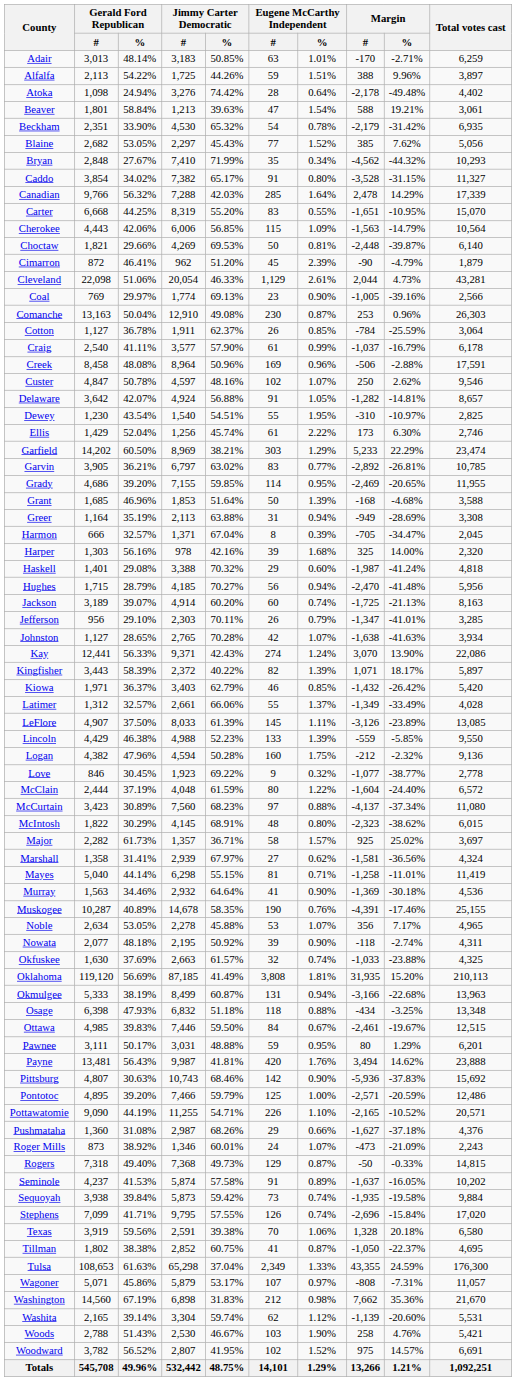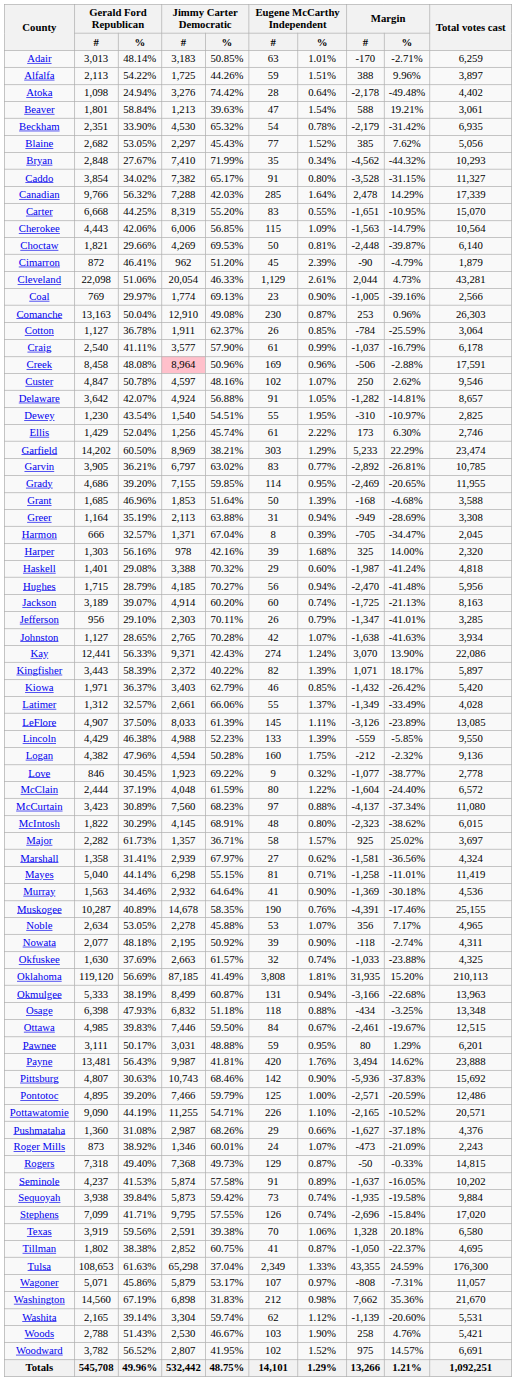 <table width="60%"  class="wikitable sortable" style="text-align:center">
 <tr>
 <th style="text-align:center;" rowspan="2">County</th>
 <th style="text-align:center;" colspan="2">Gerald Ford<br>Republican</th>
 <th style="text-align:center;" colspan="2">Jimmy Carter<br>Democratic</th>
 <th style="text-align:center;" colspan="2">Eugene McCarthy<br>Independent</th>
 <th style="text-align:center;" colspan="2">Margin</th>
 <th style="text-align:center;" rowspan="2">Total votes cast</th>
 </tr>
 <tr>
 <th data-sort-type="number">#</th>
 <th data-sort-type="number">%</th>
 <th data-sort-type="number">#</th>
 <th data-sort-type="number">%</th>
 <th data-sort-type="number">#</th>
 <th data-sort-type="number">%</th>
 <th data-sort-type="number">#</th>
 <th data-sort-type="number">%</th>
 </tr>
 <tr style="text-align:center;">
 <td><a href='#'>Adair</a></td>
 <td>3,013</td>
 <td>48.14%</td>
 <td>3,183</td>
 <td>50.85%</td>
 <td>63</td>
 <td>1.01%</td>
 <td>-170</td>
 <td>-2.71%</td>
 <td>6,259</td>
 </tr>
 <tr style="text-align:center;">
 <td><a href='#'>Alfalfa</a></td>
 <td>2,113</td>
 <td>54.22%</td>
 <td>1,725</td>
 <td>44.26%</td>
 <td>59</td>
 <td>1.51%</td>
 <td>388</td>
 <td>9.96%</td>
 <td>3,897</td>
 </tr>
 <tr style="text-align:center;">
 <td><a href='#'>Atoka</a></td>
 <td>1,098</td>
 <td>24.94%</td>
 <td>3,276</td>
 <td>74.42%</td>
 <td>28</td>
 <td>0.64%</td>
 <td>-2,178</td>
 <td>-49.48%</td>
 <td>4,402</td>
 </tr>
 <tr style="text-align:center;">
 <td><a href='#'>Beaver</a></td>
 <td>1,801</td>
 <td>58.84%</td>
 <td>1,213</td>
 <td>39.63%</td>
 <td>47</td>
 <td>1.54%</td>
 <td>588</td>
 <td>19.21%</td>
 <td>3,061</td>
 </tr>
 <tr style="text-align:center;">
 <td><a href='#'>Beckham</a></td>
 <td>2,351</td>
 <td>33.90%</td>
 <td>4,530</td>
 <td>65.32%</td>
 <td>54</td>
 <td>0.78%</td>
 <td>-2,179</td>
 <td>-31.42%</td>
 <td>6,935</td>
 </tr>
 <tr style="text-align:center;">
 <td><a href='#'>Blaine</a></td>
 <td>2,682</td>
 <td>53.05%</td>
 <td>2,297</td>
 <td>45.43%</td>
 <td>77</td>
 <td>1.52%</td>
 <td>385</td>
 <td>7.62%</td>
 <td>5,056</td>
 </tr>
 <tr style="text-align:center;">
 <td><a href='#'>Bryan</a></td>
 <td>2,848</td>
 <td>27.67%</td>
 <td>7,410</td>
 <td>71.99%</td>
 <td>35</td>
 <td>0.34%</td>
 <td>-4,562</td>
 <td>-44.32%</td>
 <td>10,293</td>
 </tr>
 <tr style="text-align:center;">
 <td><a href='#'>Caddo</a></td>
 <td>3,854</td>
 <td>34.02%</td>
 <td>7,382</td>
 <td>65.17%</td>
 <td>91</td>
 <td>0.80%</td>
 <td>-3,528</td>
 <td>-31.15%</td>
 <td>11,327</td>
 </tr>
 <tr style="text-align:center;">
 <td><a href='#'>Canadian</a></td>
 <td>9,766</td>
 <td>56.32%</td>
 <td>7,288</td>
 <td>42.03%</td>
 <td>285</td>
 <td>1.64%</td>
 <td>2,478</td>
 <td>14.29%</td>
 <td>17,339</td>
 </tr>
 <tr style="text-align:center;">
 <td><a href='#'>Carter</a></td>
 <td>6,668</td>
 <td>44.25%</td>
 <td>8,319</td>
 <td>55.20%</td>
 <td>83</td>
 <td>0.55%</td>
 <td>-1,651</td>
 <td>-10.95%</td>
 <td>15,070</td>
 </tr>
 <tr style="text-align:center;">
 <td><a href='#'>Cherokee</a></td>
 <td>4,443</td>
 <td>42.06%</td>
 <td>6,006</td>
 <td>56.85%</td>
 <td>115</td>
 <td>1.09%</td>
 <td>-1,563</td>
 <td>-14.79%</td>
 <td>10,564</td>
 </tr>
 <tr style="text-align:center;">
 <td><a href='#'>Choctaw</a></td>
 <td>1,821</td>
 <td>29.66%</td>
 <td>4,269</td>
 <td>69.53%</td>
 <td>50</td>
 <td>0.81%</td>
 <td>-2,448</td>
 <td>-39.87%</td>
 <td>6,140</td>
 </tr>
 <tr style="text-align:center;">
 <td><a href='#'>Cimarron</a></td>
 <td>872</td>
 <td>46.41%</td>
 <td>962</td>
 <td>51.20%</td>
 <td>45</td>
 <td>2.39%</td>
 <td>-90</td>
 <td>-4.79%</td>
 <td>1,879</td>
 </tr>
 <tr style="text-align:center;">
 <td><a href='#'>Cleveland</a></td>
 <td>22,098</td>
 <td>51.06%</td>
 <td>20,054</td>
 <td>46.33%</td>
 <td>1,129</td>
 <td>2.61%</td>
 <td>2,044</td>
 <td>4.73%</td>
 <td>43,281</td>
 </tr>
 <tr style="text-align:center;">
 <td><a href='#'>Coal</a></td>
 <td>769</td>
 <td>29.97%</td>
 <td>1,774</td>
 <td>69.13%</td>
 <td>23</td>
 <td>0.90%</td>
 <td>-1,005</td>
 <td>-39.16%</td>
 <td>2,566</td>
 </tr>
 <tr style="text-align:center;">
 <td><a href='#'>Comanche</a></td>
 <td>13,163</td>
 <td>50.04%</td>
 <td>12,910</td>
 <td>49.08%</td>
 <td>230</td>
 <td>0.87%</td>
 <td>253</td>
 <td>0.96%</td>
 <td>26,303</td>
 </tr>
 <tr style="text-align:center;">
 <td><a href='#'>Cotton</a></td>
 <td>1,127</td>
 <td>36.78%</td>
 <td>1,911</td>
 <td>62.37%</td>
 <td>26</td>
 <td>0.85%</td>
 <td>-784</td>
 <td>-25.59%</td>
 <td>3,064</td>
 </tr>
 <tr style="text-align:center;">
 <td><a href='#'>Craig</a></td>
 <td>2,540</td>
 <td>41.11%</td>
 <td>3,577</td>
 <td>57.90%</td>
 <td>61</td>
 <td>0.99%</td>
 <td>-1,037</td>
 <td>-16.79%</td>
 <td>6,178</td>
 </tr>
 <tr style="text-align:center;">
 <td><a href='#'>Creek</a></td>
 <td>8,458</td>
 <td>48.08%</td>
-<td>8,964</td>
+<td style="background: pink;">8,964</td>
 <td>50.96%</td>
 <td>169</td>
 <td>0.96%</td>
 <td>-506</td>
 <td>-2.88%</td>
 <td>17,591</td>
 </tr>
 <tr style="text-align:center;">
 <td><a href='#'>Custer</a></td>
 <td>4,847</td>
 <td>50.78%</td>
 <td>4,597</td>
 <td>48.16%</td>
 <td>102</td>
 <td>1.07%</td>
 <td>250</td>
 <td>2.62%</td>
 <td>9,546</td>
 </tr>
 <tr style="text-align:center;">
 <td><a href='#'>Delaware</a></td>
 <td>3,642</td>
 <td>42.07%</td>
 <td>4,924</td>
 <td>56.88%</td>
 <td>91</td>
 <td>1.05%</td>
 <td>-1,282</td>
 <td>-14.81%</td>
 <td>8,657</td>
 </tr>
 <tr style="text-align:center;">
 <td><a href='#'>Dewey</a></td>
 <td>1,230</td>
 <td>43.54%</td>
 <td>1,540</td>
 <td>54.51%</td>
 <td>55</td>
 <td>1.95%</td>
 <td>-310</td>
 <td>-10.97%</td>
 <td>2,825</td>
 </tr>
 <tr style="text-align:center;">
 <td><a href='#'>Ellis</a></td>
 <td>1,429</td>
 <td>52.04%</td>
 <td>1,256</td>
 <td>45.74%</td>
 <td>61</td>
 <td>2.22%</td>
 <td>173</td>
 <td>6.30%</td>
 <td>2,746</td>
 </tr>
 <tr style="text-align:center;">
 <td><a href='#'>Garfield</a></td>
 <td>14,202</td>
 <td>60.50%</td>
 <td>8,969</td>
 <td>38.21%</td>
 <td>303</td>
 <td>1.29%</td>
 <td>5,233</td>
 <td>22.29%</td>
 <td>23,474</td>
 </tr>
 <tr style="text-align:center;">
 <td><a href='#'>Garvin</a></td>
 <td>3,905</td>
 <td>36.21%</td>
 <td>6,797</td>
 <td>63.02%</td>
 <td>83</td>
 <td>0.77%</td>
 <td>-2,892</td>
 <td>-26.81%</td>
 <td>10,785</td>
 </tr>
 <tr style="text-align:center;">
 <td><a href='#'>Grady</a></td>
 <td>4,686</td>
 <td>39.20%</td>
 <td>7,155</td>
 <td>59.85%</td>
 <td>114</td>
 <td>0.95%</td>
 <td>-2,469</td>
 <td>-20.65%</td>
 <td>11,955</td>
 </tr>
 <tr style="text-align:center;">
 <td><a href='#'>Grant</a></td>
 <td>1,685</td>
 <td>46.96%</td>
 <td>1,853</td>
 <td>51.64%</td>
 <td>50</td>
 <td>1.39%</td>
 <td>-168</td>
 <td>-4.68%</td>
 <td>3,588</td>
 </tr>
 <tr style="text-align:center;">
 <td><a href='#'>Greer</a></td>
 <td>1,164</td>
 <td>35.19%</td>
 <td>2,113</td>
 <td>63.88%</td>
 <td>31</td>
 <td>0.94%</td>
 <td>-949</td>
 <td>-28.69%</td>
 <td>3,308</td>
 </tr>
 <tr style="text-align:center;">
 <td><a href='#'>Harmon</a></td>
 <td>666</td>
 <td>32.57%</td>
 <td>1,371</td>
 <td>67.04%</td>
 <td>8</td>
 <td>0.39%</td>
 <td>-705</td>
 <td>-34.47%</td>
 <td>2,045</td>
 </tr>
 <tr style="text-align:center;">
 <td><a href='#'>Harper</a></td>
 <td>1,303</td>
 <td>56.16%</td>
 <td>978</td>
 <td>42.16%</td>
 <td>39</td>
 <td>1.68%</td>
 <td>325</td>
 <td>14.00%</td>
 <td>2,320</td>
 </tr>
 <tr style="text-align:center;">
 <td><a href='#'>Haskell</a></td>
 <td>1,401</td>
 <td>29.08%</td>
 <td>3,388</td>
 <td>70.32%</td>
 <td>29</td>
 <td>0.60%</td>
 <td>-1,987</td>
 <td>-41.24%</td>
 <td>4,818</td>
 </tr>
 <tr style="text-align:center;">
 <td><a href='#'>Hughes</a></td>
 <td>1,715</td>
 <td>28.79%</td>
 <td>4,185</td>
 <td>70.27%</td>
 <td>56</td>
 <td>0.94%</td>
 <td>-2,470</td>
 <td>-41.48%</td>
 <td>5,956</td>
 </tr>
 <tr style="text-align:center;">
 <td><a href='#'>Jackson</a></td>
 <td>3,189</td>
 <td>39.07%</td>
 <td>4,914</td>
 <td>60.20%</td>
 <td>60</td>
 <td>0.74%</td>
 <td>-1,725</td>
 <td>-21.13%</td>
 <td>8,163</td>
 </tr>
 <tr style="text-align:center;">
 <td><a href='#'>Jefferson</a></td>
 <td>956</td>
 <td>29.10%</td>
 <td>2,303</td>
 <td>70.11%</td>
 <td>26</td>
 <td>0.79%</td>
 <td>-1,347</td>
 <td>-41.01%</td>
 <td>3,285</td>
 </tr>
 <tr style="text-align:center;">
 <td><a href='#'>Johnston</a></td>
 <td>1,127</td>
 <td>28.65%</td>
 <td>2,765</td>
 <td>70.28%</td>
 <td>42</td>
 <td>1.07%</td>
 <td>-1,638</td>
 <td>-41.63%</td>
 <td>3,934</td>
 </tr>
 <tr style="text-align:center;">
 <td><a href='#'>Kay</a></td>
 <td>12,441</td>
 <td>56.33%</td>
 <td>9,371</td>
 <td>42.43%</td>
 <td>274</td>
 <td>1.24%</td>
 <td>3,070</td>
 <td>13.90%</td>
 <td>22,086</td>
 </tr>
 <tr style="text-align:center;">
 <td><a href='#'>Kingfisher</a></td>
 <td>3,443</td>
 <td>58.39%</td>
 <td>2,372</td>
 <td>40.22%</td>
 <td>82</td>
 <td>1.39%</td>
 <td>1,071</td>
 <td>18.17%</td>
 <td>5,897</td>
 </tr>
 <tr style="text-align:center;">
 <td><a href='#'>Kiowa</a></td>
 <td>1,971</td>
 <td>36.37%</td>
 <td>3,403</td>
 <td>62.79%</td>
 <td>46</td>
 <td>0.85%</td>
 <td>-1,432</td>
 <td>-26.42%</td>
 <td>5,420</td>
 </tr>
 <tr style="text-align:center;">
 <td><a href='#'>Latimer</a></td>
 <td>1,312</td>
 <td>32.57%</td>
 <td>2,661</td>
 <td>66.06%</td>
 <td>55</td>
 <td>1.37%</td>
 <td>-1,349</td>
 <td>-33.49%</td>
 <td>4,028</td>
 </tr>
 <tr style="text-align:center;">
 <td><a href='#'>LeFlore</a></td>
 <td>4,907</td>
 <td>37.50%</td>
 <td>8,033</td>
 <td>61.39%</td>
 <td>145</td>
 <td>1.11%</td>
 <td>-3,126</td>
 <td>-23.89%</td>
 <td>13,085</td>
 </tr>
 <tr style="text-align:center;">
 <td><a href='#'>Lincoln</a></td>
 <td>4,429</td>
 <td>46.38%</td>
 <td>4,988</td>
 <td>52.23%</td>
 <td>133</td>
 <td>1.39%</td>
 <td>-559</td>
 <td>-5.85%</td>
 <td>9,550</td>
 </tr>
 <tr style="text-align:center;">
 <td><a href='#'>Logan</a></td>
 <td>4,382</td>
 <td>47.96%</td>
 <td>4,594</td>
 <td>50.28%</td>
 <td>160</td>
 <td>1.75%</td>
 <td>-212</td>
 <td>-2.32%</td>
 <td>9,136</td>
 </tr>
 <tr style="text-align:center;">
 <td><a href='#'>Love</a></td>
 <td>846</td>
 <td>30.45%</td>
 <td>1,923</td>
 <td>69.22%</td>
 <td>9</td>
 <td>0.32%</td>
 <td>-1,077</td>
 <td>-38.77%</td>
 <td>2,778</td>
 </tr>
 <tr style="text-align:center;">
 <td><a href='#'>McClain</a></td>
 <td>2,444</td>
 <td>37.19%</td>
 <td>4,048</td>
 <td>61.59%</td>
 <td>80</td>
 <td>1.22%</td>
 <td>-1,604</td>
 <td>-24.40%</td>
 <td>6,572</td>
 </tr>
 <tr style="text-align:center;">
 <td><a href='#'>McCurtain</a></td>
 <td>3,423</td>
 <td>30.89%</td>
 <td>7,560</td>
 <td>68.23%</td>
 <td>97</td>
 <td>0.88%</td>
 <td>-4,137</td>
 <td>-37.34%</td>
 <td>11,080</td>
 </tr>
 <tr style="text-align:center;">
 <td><a href='#'>McIntosh</a></td>
 <td>1,822</td>
 <td>30.29%</td>
 <td>4,145</td>
 <td>68.91%</td>
 <td>48</td>
 <td>0.80%</td>
 <td>-2,323</td>
 <td>-38.62%</td>
 <td>6,015</td>
 </tr>
 <tr style="text-align:center;">
 <td><a href='#'>Major</a></td>
 <td>2,282</td>
 <td>61.73%</td>
 <td>1,357</td>
 <td>36.71%</td>
 <td>58</td>
 <td>1.57%</td>
 <td>925</td>
 <td>25.02%</td>
 <td>3,697</td>
 </tr>
 <tr style="text-align:center;">
 <td><a href='#'>Marshall</a></td>
 <td>1,358</td>
 <td>31.41%</td>
 <td>2,939</td>
 <td>67.97%</td>
 <td>27</td>
 <td>0.62%</td>
 <td>-1,581</td>
 <td>-36.56%</td>
 <td>4,324</td>
 </tr>
 <tr style="text-align:center;">
 <td><a href='#'>Mayes</a></td>
 <td>5,040</td>
 <td>44.14%</td>
 <td>6,298</td>
 <td>55.15%</td>
 <td>81</td>
 <td>0.71%</td>
 <td>-1,258</td>
 <td>-11.01%</td>
 <td>11,419</td>
 </tr>
 <tr style="text-align:center;">
 <td><a href='#'>Murray</a></td>
 <td>1,563</td>
 <td>34.46%</td>
 <td>2,932</td>
 <td>64.64%</td>
 <td>41</td>
 <td>0.90%</td>
 <td>-1,369</td>
 <td>-30.18%</td>
 <td>4,536</td>
 </tr>
 <tr style="text-align:center;">
 <td><a href='#'>Muskogee</a></td>
 <td>10,287</td>
 <td>40.89%</td>
 <td>14,678</td>
 <td>58.35%</td>
 <td>190</td>
 <td>0.76%</td>
 <td>-4,391</td>
 <td>-17.46%</td>
 <td>25,155</td>
 </tr>
 <tr style="text-align:center;">
 <td><a href='#'>Noble</a></td>
 <td>2,634</td>
 <td>53.05%</td>
 <td>2,278</td>
 <td>45.88%</td>
 <td>53</td>
 <td>1.07%</td>
 <td>356</td>
 <td>7.17%</td>
 <td>4,965</td>
 </tr>
 <tr style="text-align:center;">
 <td><a href='#'>Nowata</a></td>
 <td>2,077</td>
 <td>48.18%</td>
 <td>2,195</td>
 <td>50.92%</td>
 <td>39</td>
 <td>0.90%</td>
 <td>-118</td>
 <td>-2.74%</td>
 <td>4,311</td>
 </tr>
 <tr style="text-align:center;">
 <td><a href='#'>Okfuskee</a></td>
 <td>1,630</td>
 <td>37.69%</td>
 <td>2,663</td>
 <td>61.57%</td>
 <td>32</td>
 <td>0.74%</td>
 <td>-1,033</td>
 <td>-23.88%</td>
 <td>4,325</td>
 </tr>
 <tr style="text-align:center;">
 <td><a href='#'>Oklahoma</a></td>
 <td>119,120</td>
 <td>56.69%</td>
 <td>87,185</td>
 <td>41.49%</td>
 <td>3,808</td>
 <td>1.81%</td>
 <td>31,935</td>
 <td>15.20%</td>
 <td>210,113</td>
 </tr>
 <tr style="text-align:center;">
 <td><a href='#'>Okmulgee</a></td>
 <td>5,333</td>
 <td>38.19%</td>
 <td>8,499</td>
 <td>60.87%</td>
 <td>131</td>
 <td>0.94%</td>
 <td>-3,166</td>
 <td>-22.68%</td>
 <td>13,963</td>
 </tr>
 <tr style="text-align:center;">
 <td><a href='#'>Osage</a></td>
 <td>6,398</td>
 <td>47.93%</td>
 <td>6,832</td>
 <td>51.18%</td>
 <td>118</td>
 <td>0.88%</td>
 <td>-434</td>
 <td>-3.25%</td>
 <td>13,348</td>
 </tr>
 <tr style="text-align:center;">
 <td><a href='#'>Ottawa</a></td>
 <td>4,985</td>
 <td>39.83%</td>
 <td>7,446</td>
 <td>59.50%</td>
 <td>84</td>
 <td>0.67%</td>
 <td>-2,461</td>
 <td>-19.67%</td>
 <td>12,515</td>
 </tr>
 <tr style="text-align:center;">
 <td><a href='#'>Pawnee</a></td>
 <td>3,111</td>
 <td>50.17%</td>
 <td>3,031</td>
 <td>48.88%</td>
 <td>59</td>
 <td>0.95%</td>
 <td>80</td>
 <td>1.29%</td>
 <td>6,201</td>
 </tr>
 <tr style="text-align:center;">
 <td><a href='#'>Payne</a></td>
 <td>13,481</td>
 <td>56.43%</td>
 <td>9,987</td>
 <td>41.81%</td>
 <td>420</td>
 <td>1.76%</td>
 <td>3,494</td>
 <td>14.62%</td>
 <td>23,888</td>
 </tr>
 <tr style="text-align:center;">
 <td><a href='#'>Pittsburg</a></td>
 <td>4,807</td>
 <td>30.63%</td>
 <td>10,743</td>
 <td>68.46%</td>
 <td>142</td>
 <td>0.90%</td>
 <td>-5,936</td>
 <td>-37.83%</td>
 <td>15,692</td>
 </tr>
 <tr style="text-align:center;">
 <td><a href='#'>Pontotoc</a></td>
 <td>4,895</td>
 <td>39.20%</td>
 <td>7,466</td>
 <td>59.79%</td>
 <td>125</td>
 <td>1.00%</td>
 <td>-2,571</td>
 <td>-20.59%</td>
 <td>12,486</td>
 </tr>
 <tr style="text-align:center;">
 <td><a href='#'>Pottawatomie</a></td>
 <td>9,090</td>
 <td>44.19%</td>
 <td>11,255</td>
 <td>54.71%</td>
 <td>226</td>
 <td>1.10%</td>
 <td>-2,165</td>
 <td>-10.52%</td>
 <td>20,571</td>
 </tr>
 <tr style="text-align:center;">
 <td><a href='#'>Pushmataha</a></td>
 <td>1,360</td>
 <td>31.08%</td>
 <td>2,987</td>
 <td>68.26%</td>
 <td>29</td>
 <td>0.66%</td>
 <td>-1,627</td>
 <td>-37.18%</td>
 <td>4,376</td>
 </tr>
 <tr style="text-align:center;">
 <td><a href='#'>Roger Mills</a></td>
 <td>873</td>
 <td>38.92%</td>
 <td>1,346</td>
 <td>60.01%</td>
 <td>24</td>
 <td>1.07%</td>
 <td>-473</td>
 <td>-21.09%</td>
 <td>2,243</td>
 </tr>
 <tr style="text-align:center;">
 <td><a href='#'>Rogers</a></td>
 <td>7,318</td>
 <td>49.40%</td>
 <td>7,368</td>
 <td>49.73%</td>
 <td>129</td>
 <td>0.87%</td>
 <td>-50</td>
 <td>-0.33%</td>
 <td>14,815</td>
 </tr>
 <tr style="text-align:center;">
 <td><a href='#'>Seminole</a></td>
 <td>4,237</td>
 <td>41.53%</td>
 <td>5,874</td>
 <td>57.58%</td>
 <td>91</td>
 <td>0.89%</td>
 <td>-1,637</td>
 <td>-16.05%</td>
 <td>10,202</td>
 </tr>
 <tr style="text-align:center;">
 <td><a href='#'>Sequoyah</a></td>
 <td>3,938</td>
 <td>39.84%</td>
 <td>5,873</td>
 <td>59.42%</td>
 <td>73</td>
 <td>0.74%</td>
 <td>-1,935</td>
 <td>-19.58%</td>
 <td>9,884</td>
 </tr>
 <tr style="text-align:center;">
 <td><a href='#'>Stephens</a></td>
 <td>7,099</td>
 <td>41.71%</td>
 <td>9,795</td>
 <td>57.55%</td>
 <td>126</td>
 <td>0.74%</td>
 <td>-2,696</td>
 <td>-15.84%</td>
 <td>17,020</td>
 </tr>
 <tr style="text-align:center;">
 <td><a href='#'>Texas</a></td>
 <td>3,919</td>
 <td>59.56%</td>
 <td>2,591</td>
 <td>39.38%</td>
 <td>70</td>
 <td>1.06%</td>
 <td>1,328</td>
 <td>20.18%</td>
 <td>6,580</td>
 </tr>
 <tr style="text-align:center;">
 <td><a href='#'>Tillman</a></td>
 <td>1,802</td>
 <td>38.38%</td>
 <td>2,852</td>
 <td>60.75%</td>
 <td>41</td>
 <td>0.87%</td>
 <td>-1,050</td>
 <td>-22.37%</td>
 <td>4,695</td>
 </tr>
 <tr style="text-align:center;">
 <td><a href='#'>Tulsa</a></td>
 <td>108,653</td>
 <td>61.63%</td>
 <td>65,298</td>
 <td>37.04%</td>
 <td>2,349</td>
 <td>1.33%</td>
 <td>43,355</td>
 <td>24.59%</td>
 <td>176,300</td>
 </tr>
 <tr style="text-align:center;">
 <td><a href='#'>Wagoner</a></td>
 <td>5,071</td>
 <td>45.86%</td>
 <td>5,879</td>
 <td>53.17%</td>
 <td>107</td>
 <td>0.97%</td>
 <td>-808</td>
 <td>-7.31%</td>
 <td>11,057</td>
 </tr>
 <tr style="text-align:center;">
 <td><a href='#'>Washington</a></td>
 <td>14,560</td>
 <td>67.19%</td>
 <td>6,898</td>
 <td>31.83%</td>
 <td>212</td>
 <td>0.98%</td>
 <td>7,662</td>
 <td>35.36%</td>
 <td>21,670</td>
 </tr>
 <tr style="text-align:center;">
 <td><a href='#'>Washita</a></td>
 <td>2,165</td>
 <td>39.14%</td>
 <td>3,304</td>
 <td>59.74%</td>
 <td>62</td>
 <td>1.12%</td>
 <td>-1,139</td>
 <td>-20.60%</td>
 <td>5,531</td>
 </tr>
 <tr style="text-align:center;">
 <td><a href='#'>Woods</a></td>
 <td>2,788</td>
 <td>51.43%</td>
 <td>2,530</td>
 <td>46.67%</td>
 <td>103</td>
 <td>1.90%</td>
 <td>258</td>
 <td>4.76%</td>
 <td>5,421</td>
 </tr>
 <tr style="text-align:center;">
 <td><a href='#'>Woodward</a></td>
 <td>3,782</td>
 <td>56.52%</td>
 <td>2,807</td>
 <td>41.95%</td>
 <td>102</td>
 <td>1.52%</td>
 <td>975</td>
 <td>14.57%</td>
 <td>6,691</td>
 </tr>
 <tr style="text-align:center;">
 <th>Totals</th>
 <th>545,708</th>
 <th>49.96%</th>
 <th>532,442</th>
 <th>48.75%</th>
 <th>14,101</th>
 <th>1.29%</th>
 <th>13,266</th>
 <th>1.21%</th>
 <th>1,092,251</th>
 </tr>
 </table>
